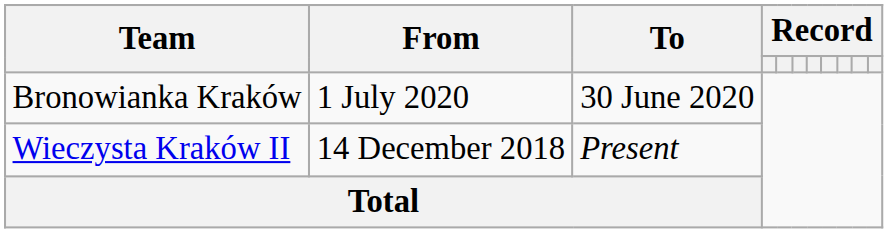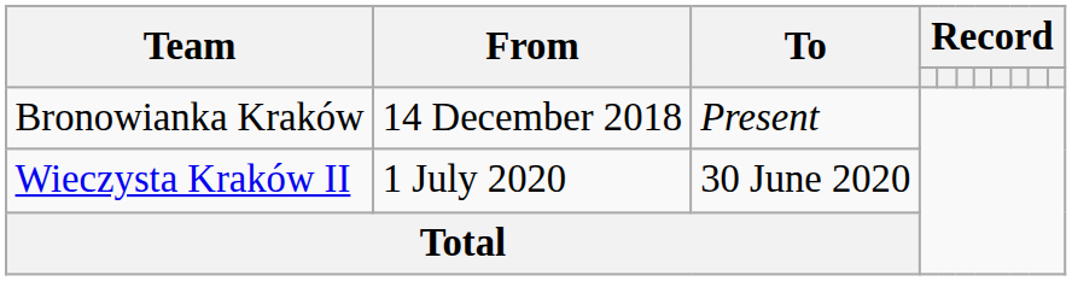 <table class="wikitable" style="text-align: center;">
 <tr>
 <th rowspan="2">Team</th>
 <th rowspan="2">From</th>
 <th rowspan="2">To</th>
 <th colspan="8">Record</th>
 </tr>
 <tr>
 <th></th>
 <th></th>
 <th></th>
 <th></th>
 <th></th>
 <th></th>
 <th></th>
 <th></th>
 </tr>
 <tr>
 <td align=left>Bronowianka Kraków</td>
-<td align=left>1 July 2020</td>
-<td align=left>30 June 2020<br></td>
+<td align=left>14 December 2018</td>
+<td align=left><em>Present</em><br></td>
 </tr>
 <tr>
 <td align=left><a href='#'>Wieczysta Kraków II</a></td>
-<td align=left>14 December 2018</td>
-<td align=left><em>Present</em><br></td>
+<td align=left>1 July 2020</td>
+<td align=left>30 June 2020<br></td>
 </tr>
 <tr>
 <th colspan="3">Total<br></th>
 </tr>
 </table>
